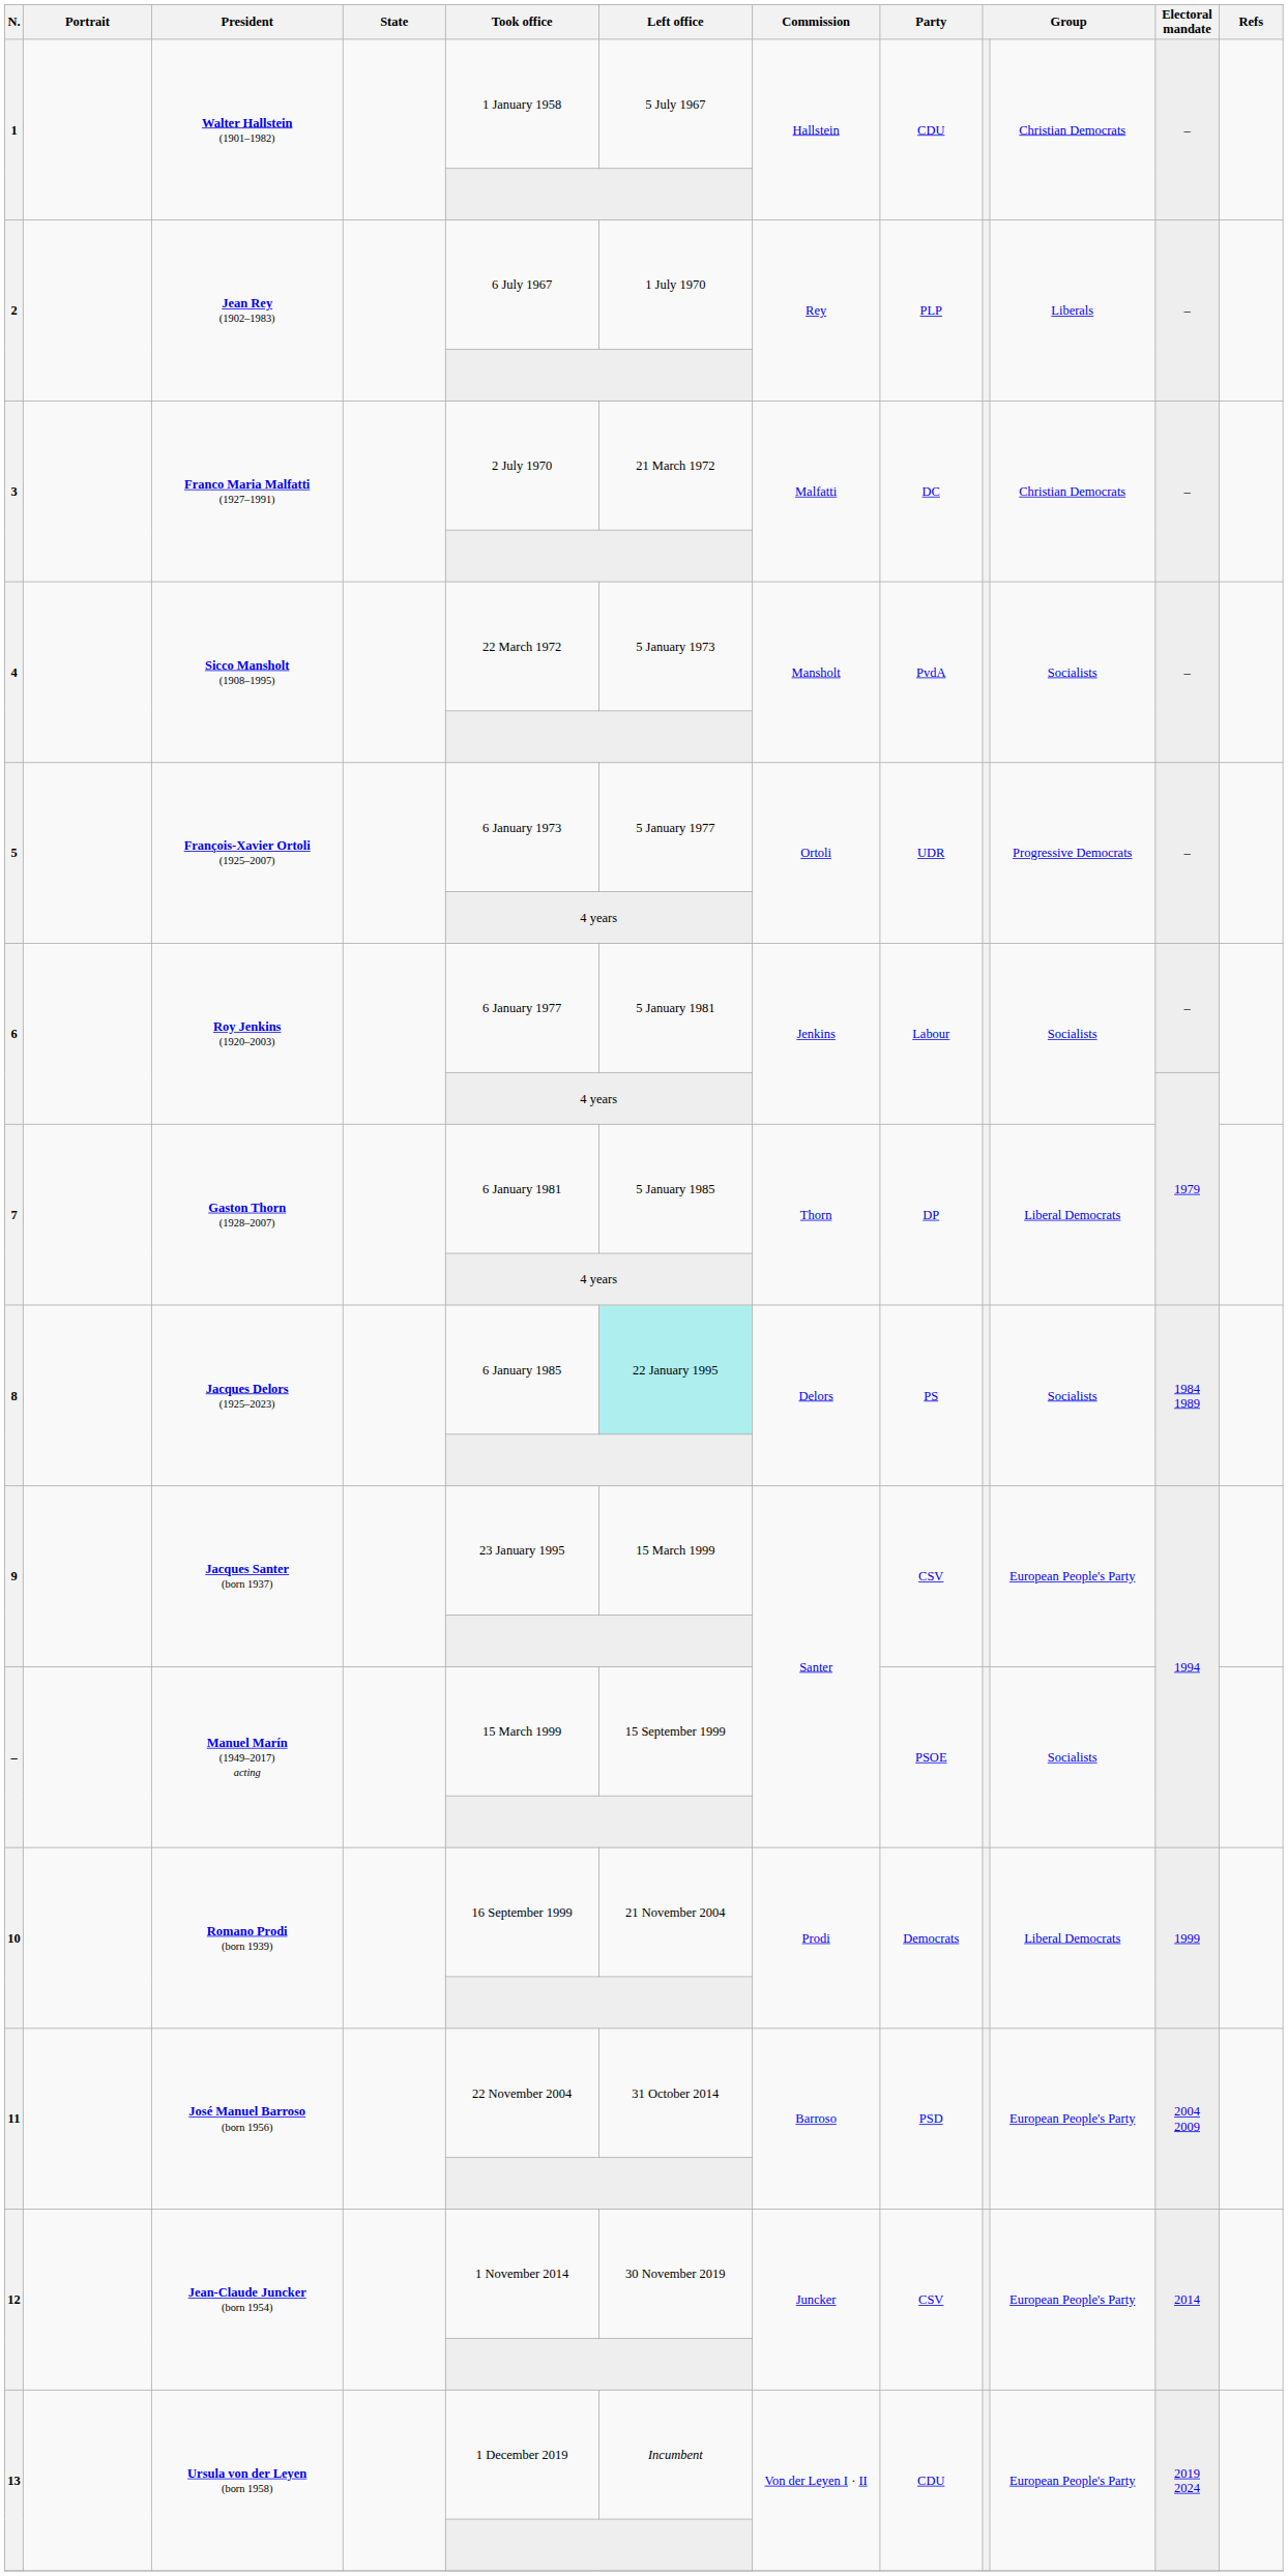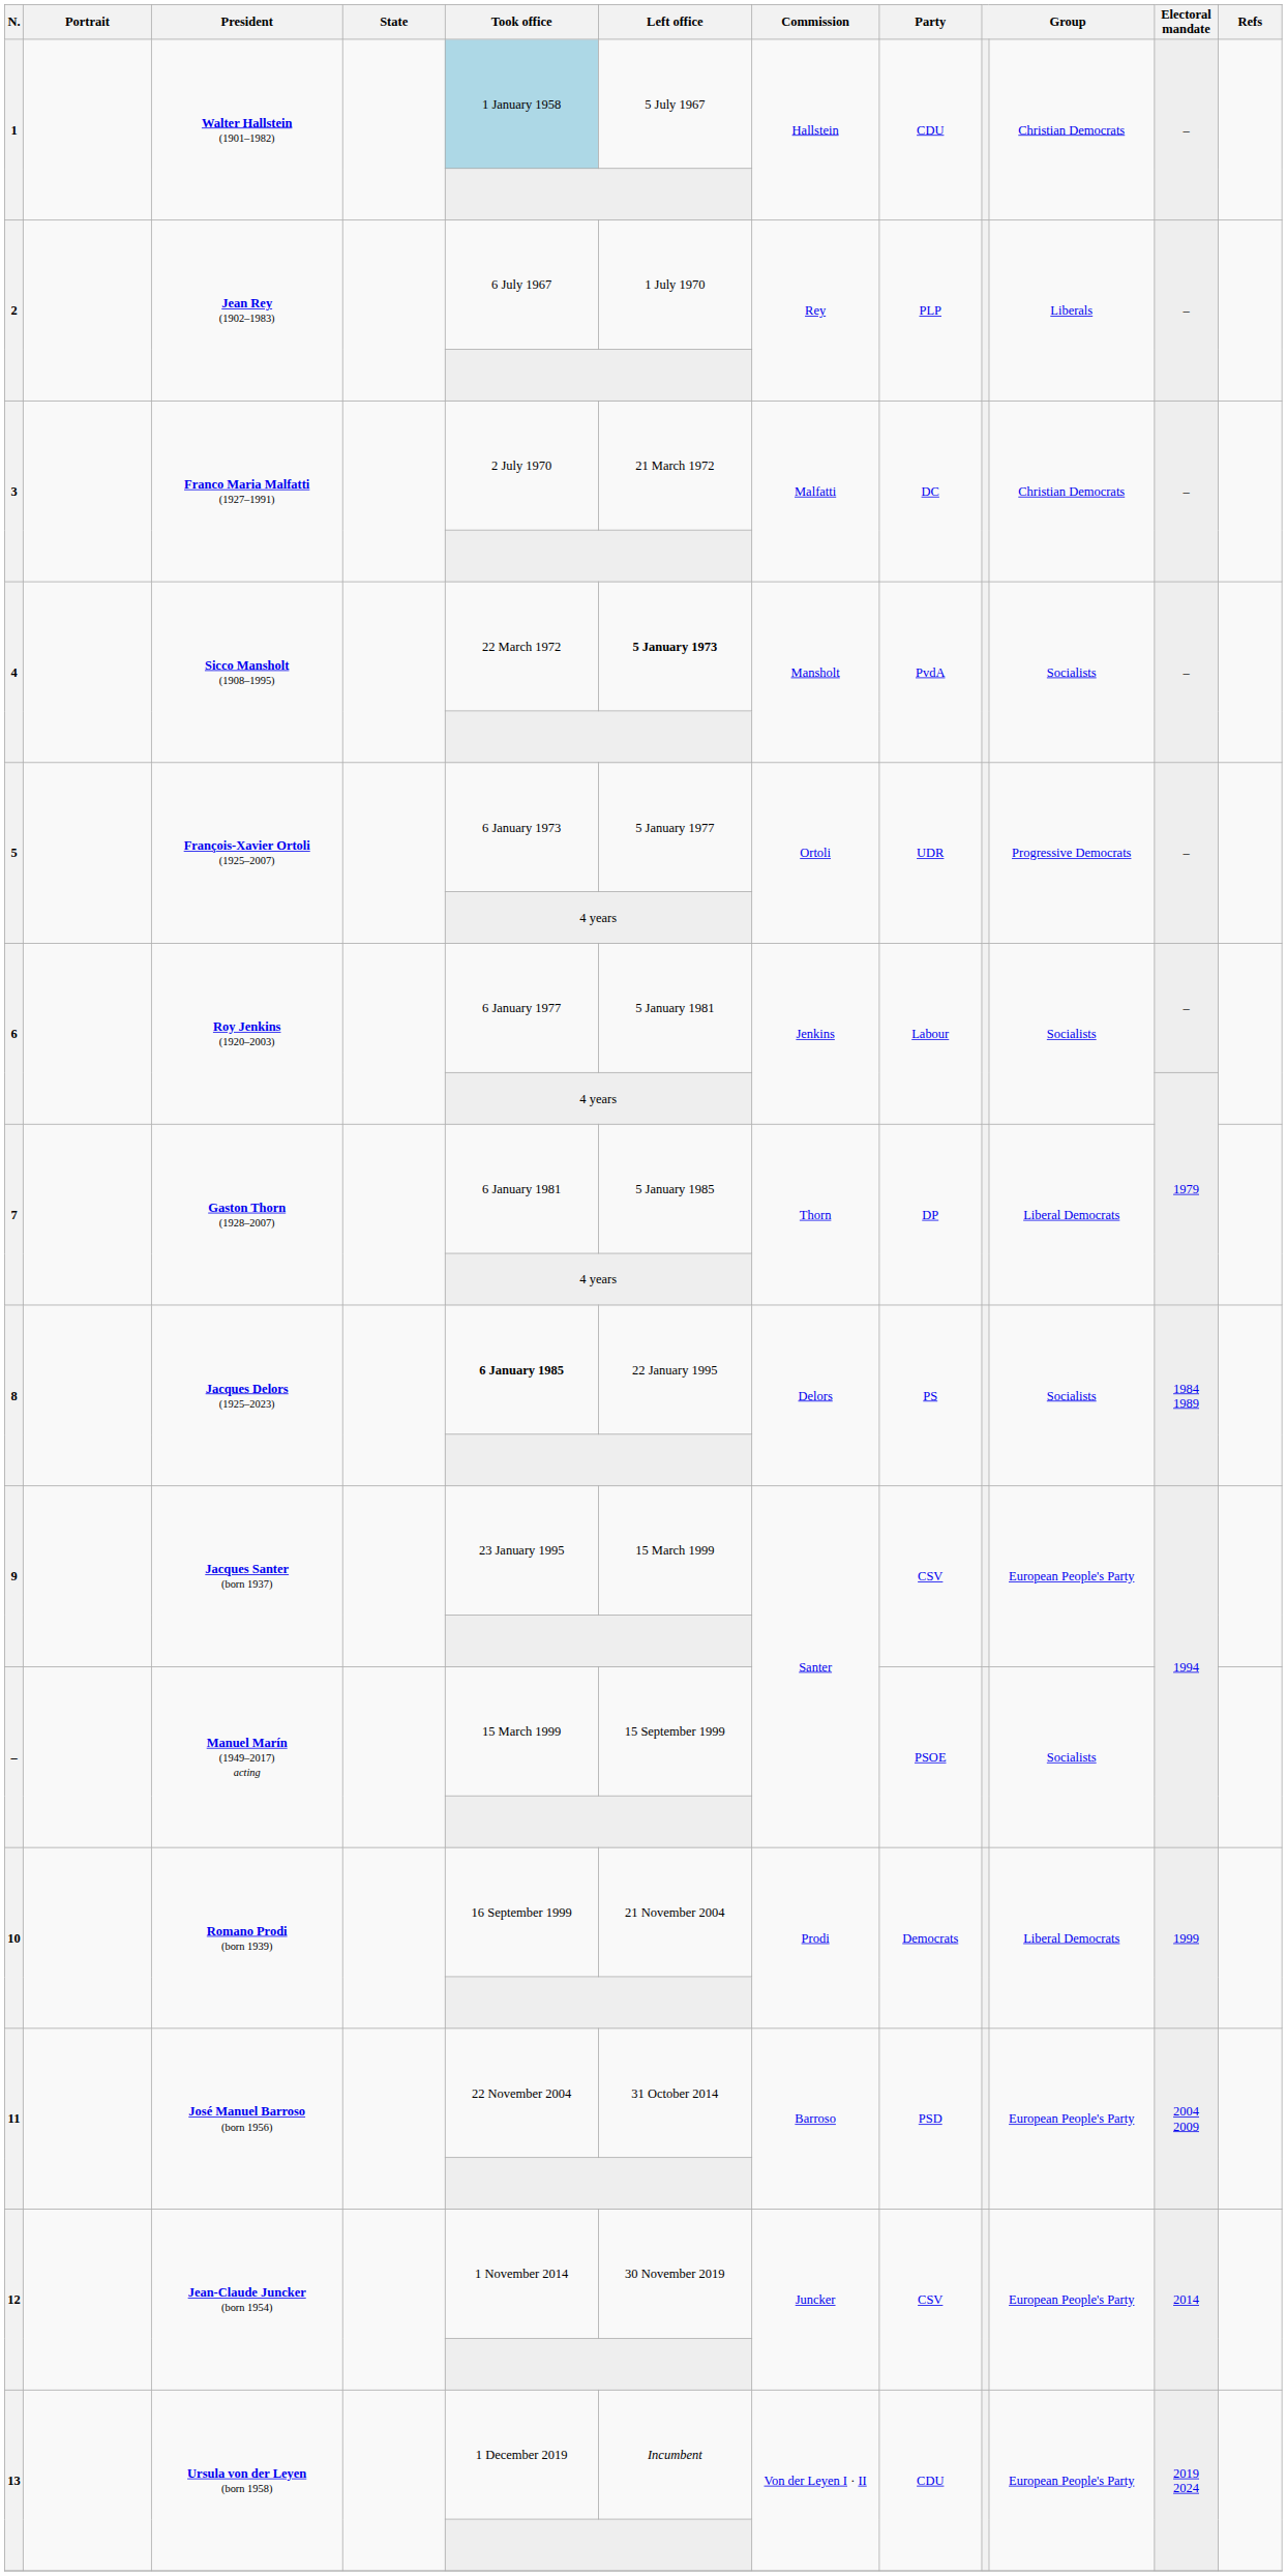 <table class="wikitable" style="text-align:center; style="width=100%">
 <tr>
 <th width=1%>N.</th>
 <th width=10%>Portrait</th>
 <th width=15%>President<br></th>
 <th width=8%>State</th>
 <th width=12%>Took office</th>
 <th width=12%>Left office</th>
 <th width=10%>Commission</th>
 <th width=8%>Party</th>
 <th widht=15% colspan=2>Group</th>
 <th width=5%>Electoral mandate</th>
 <th width=5%>Refs</th>
 </tr>
 <tr style="height:10em;">
 <th rowspan=2>1</th>
 <td rowspan=2></td>
 <td rowspan=2><strong><a href='#'>Walter Hallstein</a></strong><br><small>(1901–1982)</small></td>
 <td rowspan=2></td>
-<td>1 January 1958</td>
+<td style="background: lightblue;">1 January 1958</td>
 <td>5 July 1967</td>
 <td rowspan=2><a href='#'>Hallstein</a></td>
 <td rowspan=2><a href='#'>CDU</a></td>
 <th rowspan=2 style="background:"></th>
 <td rowspan=2><a href='#'>Christian Democrats</a></td>
 <td rowspan=2 bgcolor=#EEEEEE>–</td>
 <td rowspan=2></td>
 </tr>
 <tr style="height:4em;">
 <td colspan=2 bgcolor=#EEEEEE></td>
 </tr>
 <tr style="height:10em;">
 <th rowspan=2>2</th>
 <td rowspan=2></td>
 <td rowspan=2><strong><a href='#'>Jean Rey</a></strong><br><small>(1902–1983)</small></td>
 <td rowspan=2></td>
 <td>6 July 1967</td>
 <td>1 July 1970</td>
 <td rowspan=2><a href='#'>Rey</a></td>
 <td rowspan=2><a href='#'>PLP</a></td>
 <th rowspan=2 style="background:"></th>
 <td rowspan=2><a href='#'>Liberals</a></td>
 <td rowspan=2 bgcolor=#EEEEEE>–</td>
 <td rowspan=2></td>
 </tr>
 <tr style="height:4em;">
 <td colspan=2 bgcolor=#EEEEEE></td>
 </tr>
 <tr style="height:10em;">
 <th rowspan=2>3</th>
 <td rowspan=2></td>
 <td rowspan=2><strong><a href='#'>Franco Maria Malfatti</a></strong><br><small>(1927–1991)</small></td>
 <td rowspan=2></td>
 <td>2 July 1970</td>
 <td>21 March 1972</td>
 <td rowspan=2><a href='#'>Malfatti</a></td>
 <td rowspan=2><a href='#'>DC</a></td>
 <th rowspan=2 style="background:"></th>
 <td rowspan=2><a href='#'>Christian Democrats</a></td>
 <td rowspan=2 bgcolor=#EEEEEE>–</td>
 <td rowspan=2></td>
 </tr>
 <tr style="height:4em;">
 <td colspan=2 bgcolor=#EEEEEE></td>
 </tr>
 <tr style="height:10em;">
 <th rowspan=2>4</th>
 <td rowspan=2></td>
 <td rowspan=2><strong><a href='#'>Sicco Mansholt</a></strong><br><small>(1908–1995)</small></td>
 <td rowspan=2></td>
 <td>22 March 1972</td>
-<td>5 January 1973</td>
+<td><strong>5 January 1973</strong></td>
 <td rowspan=2><a href='#'>Mansholt</a></td>
 <td rowspan=2><a href='#'>PvdA</a></td>
 <th rowspan=2 style="background:"></th>
 <td rowspan=2><a href='#'>Socialists</a></td>
 <td rowspan=2 bgcolor=#EEEEEE>–</td>
 <td rowspan=2></td>
 </tr>
 <tr style="height:4em;">
 <td colspan=2 bgcolor=#EEEEEE></td>
 </tr>
 <tr style="height:10em;">
 <th rowspan=2>5</th>
 <td rowspan=2></td>
 <td rowspan=2><strong><a href='#'>François-Xavier Ortoli</a></strong><br><small>(1925–2007)</small></td>
 <td rowspan=2></td>
 <td>6 January 1973</td>
 <td>5 January 1977</td>
 <td rowspan=2><a href='#'>Ortoli</a></td>
 <td rowspan=2><a href='#'>UDR</a></td>
 <th rowspan=2 style="background:"></th>
 <td rowspan=2><a href='#'>Progressive Democrats</a></td>
 <td rowspan=2 bgcolor=#EEEEEE>–</td>
 <td rowspan=2></td>
 </tr>
 <tr style="height:4em;">
 <td colspan=2 bgcolor=#EEEEEE>4 years</td>
 </tr>
 <tr style="height:10em;">
 <th rowspan=2>6</th>
 <td rowspan=2></td>
 <td rowspan=2><strong><a href='#'>Roy Jenkins</a></strong><br><small>(1920–2003)</small></td>
 <td rowspan=2></td>
 <td>6 January 1977</td>
 <td>5 January 1981</td>
 <td rowspan=2><a href='#'>Jenkins</a></td>
 <td rowspan=2><a href='#'>Labour</a></td>
 <th rowspan=2 style="background:"></th>
 <td rowspan=2><a href='#'>Socialists</a></td>
 <td bgcolor=#EEEEEE>–</td>
 <td rowspan=2></td>
 </tr>
 <tr style="height:4em;">
 <td colspan=2 bgcolor=#EEEEEE>4 years</td>
 <td rowspan=3 bgcolor=#EEEEEE><a href='#'>1979</a></td>
 </tr>
 <tr style="height:10em;">
 <th rowspan=2>7</th>
 <td rowspan=2></td>
 <td rowspan=2><strong><a href='#'>Gaston Thorn</a></strong><br><small>(1928–2007)</small></td>
 <td rowspan=2></td>
 <td>6 January 1981</td>
 <td>5 January 1985</td>
 <td rowspan=2><a href='#'>Thorn</a></td>
 <td rowspan=2><a href='#'>DP</a></td>
 <th rowspan=2 style="background:"></th>
 <td rowspan=2><a href='#'>Liberal Democrats</a></td>
 <td rowspan=2></td>
 </tr>
 <tr style="height:4em;">
 <td colspan=2 bgcolor=#EEEEEE>4 years</td>
 </tr>
 <tr style="height:10em;">
 <th rowspan=2>8</th>
 <td rowspan=2></td>
 <td rowspan=2><strong><a href='#'>Jacques Delors</a></strong><br><small>(1925–2023)</small></td>
 <td rowspan=2></td>
-<td>6 January 1985</td>
-<td style="background: paleturquoise;">22 January 1995</td>
+<td><strong>6 January 1985</strong></td>
+<td>22 January 1995</td>
 <td rowspan=2><a href='#'>Delors</a></td>
 <td rowspan=2><a href='#'>PS</a></td>
 <th rowspan=2 style="background:"></th>
 <td rowspan=2><a href='#'>Socialists</a></td>
 <td rowspan=2 bgcolor=#EEEEEE><a href='#'>1984</a><br><a href='#'>1989</a></td>
 <td rowspan=2></td>
 </tr>
 <tr style="height:4em;">
 <td colspan=2 bgcolor=#EEEEEE></td>
 </tr>
 <tr style="height:10em;">
 <th rowspan=2>9</th>
 <td rowspan=2></td>
 <td rowspan=2><strong><a href='#'>Jacques Santer</a></strong><br><small>(born 1937)</small></td>
 <td rowspan=2></td>
 <td>23 January 1995</td>
 <td>15 March 1999</td>
 <td rowspan=4><a href='#'>Santer</a></td>
 <td rowspan=2><a href='#'>CSV</a></td>
 <th rowspan=2 style="background:"></th>
 <td rowspan=2><a href='#'>European People's Party</a></td>
 <td rowspan=4 bgcolor=#EEEEEE><a href='#'>1994</a></td>
 <td rowspan=2></td>
 </tr>
 <tr style="height:4em;">
 <td colspan=2 bgcolor=#EEEEEE></td>
 </tr>
 <tr style="height:10em;">
 <th rowspan=2>–</th>
 <td rowspan=2></td>
 <td rowspan=2><strong><a href='#'>Manuel Marín</a></strong> <br><small>(1949–2017)<br><em>acting</em></small></td>
 <td rowspan=2></td>
 <td>15 March 1999</td>
 <td>15 September 1999</td>
 <td rowspan=2><a href='#'>PSOE</a></td>
 <th rowspan=2 style="background:"></th>
 <td rowspan=2><a href='#'>Socialists</a></td>
 <td rowspan=2></td>
 </tr>
 <tr style="height:4em;">
 <td colspan=2 bgcolor=#EEEEEE></td>
 </tr>
 <tr style="height:10em;">
 <th rowspan=2>10</th>
 <td rowspan=2></td>
 <td rowspan=2><strong><a href='#'>Romano Prodi</a></strong><br><small>(born 1939)</small></td>
 <td rowspan=2></td>
 <td>16 September 1999</td>
 <td>21 November 2004</td>
 <td rowspan=2><a href='#'>Prodi</a></td>
 <td rowspan=2><a href='#'>Democrats</a></td>
 <th rowspan=2 style="background:"></th>
 <td rowspan=2><a href='#'>Liberal Democrats</a></td>
 <td rowspan=2 bgcolor=#EEEEEE><a href='#'>1999</a></td>
 <td rowspan=2></td>
 </tr>
 <tr style="height:4em;">
 <td colspan=2 bgcolor=#EEEEEE></td>
 </tr>
 <tr style="height:10em;">
 <th rowspan=2>11</th>
 <td rowspan=2></td>
 <td rowspan=2><strong><a href='#'>José Manuel Barroso</a></strong><br><small>(born 1956)</small></td>
 <td rowspan=2></td>
 <td>22 November 2004</td>
 <td>31 October 2014</td>
 <td rowspan=2><a href='#'>Barroso</a></td>
 <td rowspan=2><a href='#'>PSD</a></td>
 <th rowspan=2 style="background:"></th>
 <td rowspan=2><a href='#'>European People's Party</a></td>
 <td rowspan=2 bgcolor=#EEEEEE><a href='#'>2004</a><br><a href='#'>2009</a></td>
 <td rowspan=2></td>
 </tr>
 <tr style="height:4em;">
 <td colspan=2 bgcolor=#EEEEEE></td>
 </tr>
 <tr style="height:10em;">
 <th rowspan=2>12</th>
 <td rowspan=2></td>
 <td rowspan=2><strong><a href='#'>Jean-Claude Juncker</a></strong><br><small>(born 1954)</small></td>
 <td rowspan=2></td>
 <td>1 November 2014</td>
 <td>30 November 2019</td>
 <td rowspan=2><a href='#'>Juncker</a></td>
 <td rowspan=2><a href='#'>CSV</a></td>
 <th rowspan=2 style="background:"></th>
 <td rowspan=2><a href='#'>European People's Party</a></td>
 <td rowspan=2 bgcolor=#EEEEEE><a href='#'>2014</a></td>
 <td rowspan=2></td>
 </tr>
 <tr style="height:4em;">
 <td colspan=2 bgcolor=#EEEEEE></td>
 </tr>
 <tr style="height:10em;">
 <th rowspan=2>13</th>
 <td rowspan=2></td>
 <td rowspan=2><strong><a href='#'>Ursula von der Leyen</a></strong><br><small>(born 1958)</small></td>
 <td rowspan=2></td>
 <td>1 December 2019</td>
 <td><em>Incumbent</em></td>
 <td rowspan=2><a href='#'>Von der Leyen I</a> · <a href='#'>II</a></td>
 <td rowspan=2><a href='#'>CDU</a></td>
 <th rowspan=2 style="background:"></th>
 <td rowspan=2><a href='#'>European People's Party</a></td>
 <td rowspan=2 bgcolor=#EEEEEE><a href='#'>2019</a><br><a href='#'>2024</a></td>
 <td rowspan=2></td>
 </tr>
 <tr style="height:4em;">
 <td colspan=2 bgcolor=#EEEEEE></td>
 </tr>
 <tr>
 </tr>
 </table>
